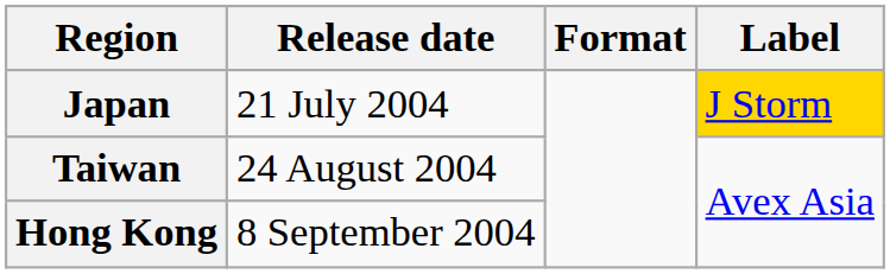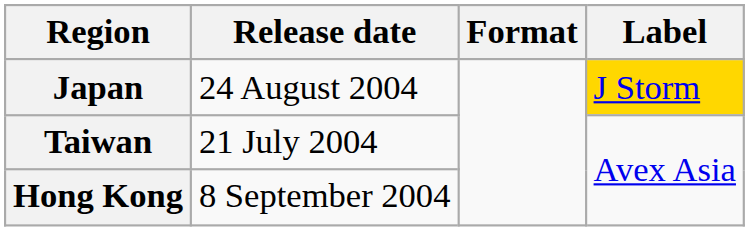 <table class="wikitable plainrowheaders">
 <tr>
 <th scope="col">Region</th>
 <th scope="col">Release date</th>
 <th scope="col">Format</th>
 <th scope="col">Label</th>
 </tr>
 <tr>
 <th scope="row">Japan</th>
-<td>21 July 2004</td>
+<td>24 August 2004</td>
 <td rowspan="3"></td>
 <td style="background: gold;"><a href='#'>J Storm</a></td>
 </tr>
 <tr>
 <th scope="row">Taiwan</th>
-<td>24 August 2004</td>
+<td>21 July 2004</td>
 <td rowspan="2"><a href='#'>Avex Asia</a></td>
 </tr>
 <tr>
 <th scope="row">Hong Kong</th>
 <td>8 September 2004</td>
 </tr>
 </table>
